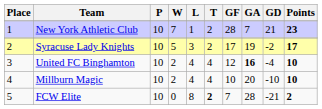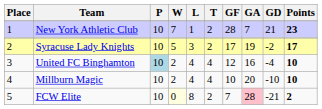 <table class="wikitable">
 <tr>
 <th>Place</th>
 <th width="170">Team</th>
 <th width="20">P</th>
 <th width="20">W</th>
 <th width="20">L</th>
 <th width="20">T</th>
 <th width="20">GF</th>
 <th width="20">GA</th>
 <th width="25">GD</th>
 <th>Points</th>
 </tr>
 <tr>
 </tr>
 <tr bgcolor=#ccccff>
 <td>1</td>
 <td><a href='#'>New York Athletic Club</a></td>
 <td>10</td>
 <td>7</td>
 <td>1</td>
 <td>2</td>
 <td>28</td>
 <td>7</td>
 <td>21</td>
 <td><strong>23</strong></td>
 </tr>
 <tr>
 </tr>
 <tr bgcolor=#ffffaa>
 <td>2</td>
 <td><a href='#'>Syracuse Lady Knights</a></td>
 <td>10</td>
 <td>5</td>
 <td>3</td>
 <td>2</td>
 <td>17</td>
 <td>19</td>
 <td>-2</td>
 <td><strong>17</strong></td>
 </tr>
 <tr>
 <td>3</td>
 <td><a href='#'>United FC Binghamton</a></td>
-<td>10</td>
+<td style="background: lightblue;">10</td>
 <td>2</td>
 <td>4</td>
 <td>4</td>
 <td>12</td>
-<td><strong>16</strong></td>
+<td>16</td>
 <td>-4</td>
 <td><strong>10</strong></td>
 </tr>
 <tr>
 <td>4</td>
 <td><a href='#'>Millburn Magic</a></td>
 <td>10</td>
 <td>2</td>
 <td>4</td>
 <td>4</td>
 <td>10</td>
 <td>20</td>
 <td>-10</td>
 <td><strong>10</strong></td>
 </tr>
 <tr>
 <td>5</td>
 <td><a href='#'>FCW Elite</a></td>
 <td>10</td>
-<td>0</td>
+<td style="background: lightyellow;">0</td>
 <td>8</td>
-<td><strong>2</strong></td>
+<td>2</td>
 <td>7</td>
-<td>28</td>
+<td style="background: pink;">28</td>
 <td>-21</td>
 <td><strong>2</strong></td>
 </tr>
 </table>
